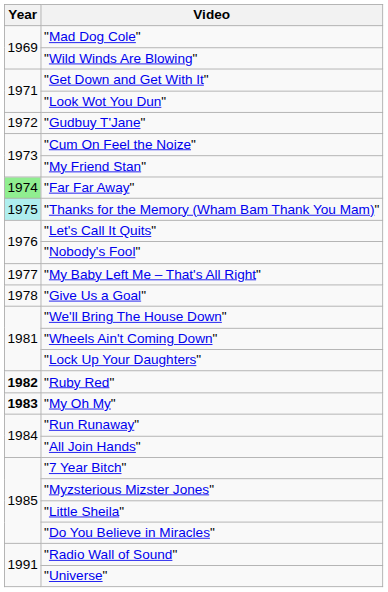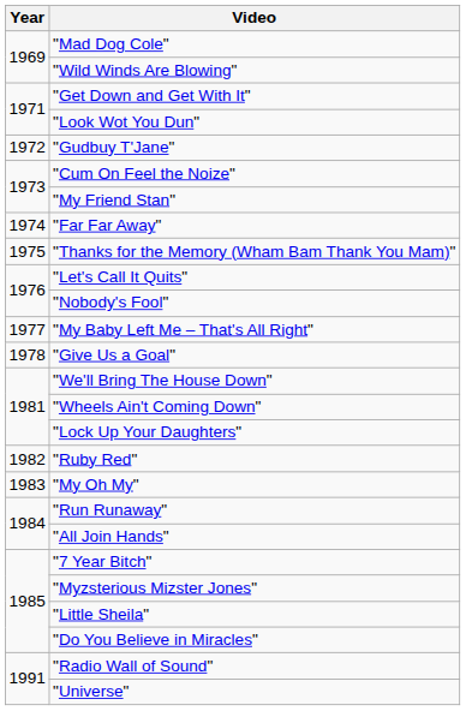 <table class="wikitable">
 <tr>
 <th>Year</th>
 <th>Video</th>
 </tr>
 <tr>
 <td rowspan="2">1969</td>
 <td>"<a href='#'>Mad Dog Cole</a>"</td>
 </tr>
 <tr>
 <td>"<a href='#'>Wild Winds Are Blowing</a>"</td>
 </tr>
 <tr>
 <td rowspan="2">1971</td>
 <td>"<a href='#'>Get Down and Get With It</a>"</td>
 </tr>
 <tr>
 <td>"<a href='#'>Look Wot You Dun</a>"</td>
 </tr>
 <tr>
 <td>1972</td>
 <td>"<a href='#'>Gudbuy T'Jane</a>"</td>
 </tr>
 <tr>
 <td rowspan="2">1973</td>
 <td>"<a href='#'>Cum On Feel the Noize</a>"</td>
 </tr>
 <tr>
 <td>"<a href='#'>My Friend Stan</a>"</td>
 </tr>
 <tr>
-<td style="background: lightgreen;">1974</td>
+<td>1974</td>
 <td>"<a href='#'>Far Far Away</a>"</td>
 </tr>
 <tr>
-<td style="background: paleturquoise;">1975</td>
+<td>1975</td>
 <td>"<a href='#'>Thanks for the Memory (Wham Bam Thank You Mam)</a>"</td>
 </tr>
 <tr>
 <td rowspan="2">1976</td>
 <td>"<a href='#'>Let's Call It Quits</a>"</td>
 </tr>
 <tr>
 <td>"<a href='#'>Nobody's Fool</a>"</td>
 </tr>
 <tr>
 <td>1977</td>
 <td>"<a href='#'>My Baby Left Me – That's All Right</a>"</td>
 </tr>
 <tr>
 <td>1978</td>
 <td>"<a href='#'>Give Us a Goal</a>"</td>
 </tr>
 <tr>
 <td rowspan="3">1981</td>
 <td>"<a href='#'>We'll Bring The House Down</a>"</td>
 </tr>
 <tr>
 <td>"<a href='#'>Wheels Ain't Coming Down</a>"</td>
 </tr>
 <tr>
 <td>"<a href='#'>Lock Up Your Daughters</a>"</td>
 </tr>
 <tr>
-<td><strong>1982</strong></td>
+<td>1982</td>
 <td>"<a href='#'>Ruby Red</a>"</td>
 </tr>
 <tr>
-<td><strong>1983</strong></td>
+<td>1983</td>
 <td>"<a href='#'>My Oh My</a>"</td>
 </tr>
 <tr>
 <td rowspan="2">1984</td>
 <td>"<a href='#'>Run Runaway</a>"</td>
 </tr>
 <tr>
 <td>"<a href='#'>All Join Hands</a>"</td>
 </tr>
 <tr>
 <td rowspan="4">1985</td>
 <td>"<a href='#'>7 Year Bitch</a>"</td>
 </tr>
 <tr>
 <td>"<a href='#'>Myzsterious Mizster Jones</a>"</td>
 </tr>
 <tr>
 <td>"<a href='#'>Little Sheila</a>"</td>
 </tr>
 <tr>
 <td>"<a href='#'>Do You Believe in Miracles</a>"</td>
 </tr>
 <tr>
 <td rowspan="2">1991</td>
 <td>"<a href='#'>Radio Wall of Sound</a>"</td>
 </tr>
 <tr>
 <td>"<a href='#'>Universe</a>"</td>
 </tr>
 </table>
